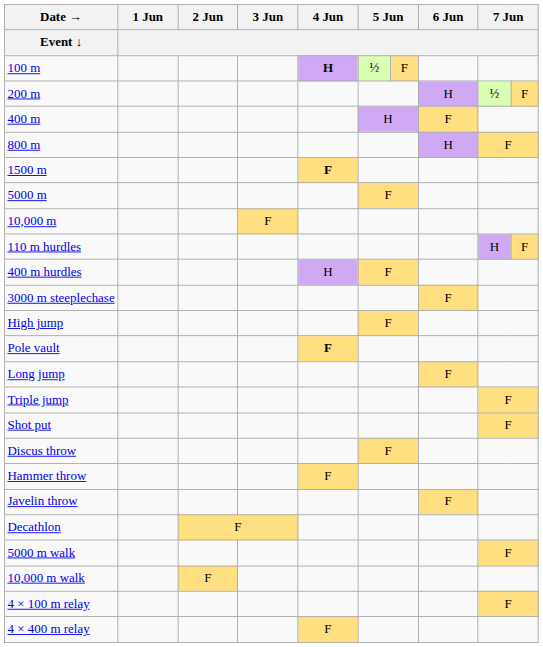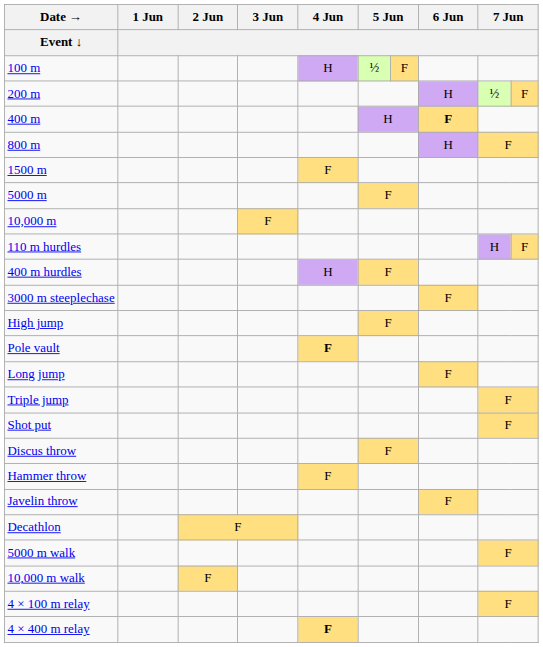 <table class="wikitable mw-datatable" style="font-size:90%; line-height:1.5em;">
 <tr align=center>
 <th>Date →</th>
 <th width=60px>1 Jun</th>
 <th width=60px>2 Jun</th>
 <th width=60px>3 Jun</th>
 <th width=60px>4 Jun</th>
 <th width=60px colspan=2>5 Jun</th>
 <th width=60px>6 Jun</th>
 <th width=60px colspan=2>7 Jun</th>
 </tr>
 <tr>
 <th>Event ↓</th>
 <th colspan=9></th>
 </tr>
 <tr align=center>
 <td align=left><a href='#'>100 m</a></td>
 <td></td>
 <td></td>
 <td></td>
-<td bgcolor="#D0A9F5"><strong>H</strong></td>
+<td bgcolor="#D0A9F5">H</td>
 <td bgcolor="#D9FFB2">½</td>
 <td bgcolor="#FFDF80">F</td>
 <td></td>
 <td colspan=2></td>
 </tr>
 <tr align=center>
 <td align=left><a href='#'>200 m</a></td>
 <td></td>
 <td></td>
 <td></td>
 <td></td>
 <td colspan=2></td>
 <td bgcolor="#D0A9F5">H</td>
 <td bgcolor="#D9FFB2">½</td>
 <td bgcolor="#FFDF80">F</td>
 </tr>
 <tr align=center>
 <td align=left><a href='#'>400 m</a></td>
 <td></td>
 <td></td>
 <td></td>
 <td></td>
 <td bgcolor="#D0A9F5" colspan=2>H</td>
-<td bgcolor="#FFDF80">F</td>
+<td bgcolor="#FFDF80"><strong>F</strong></td>
 <td colspan=2></td>
 </tr>
 <tr align=center>
 <td align=left><a href='#'>800 m</a></td>
 <td></td>
 <td></td>
 <td></td>
 <td></td>
 <td colspan=2></td>
 <td bgcolor="#D0A9F5">H</td>
 <td bgcolor="#FFDF80" colspan=2>F</td>
 </tr>
 <tr align=center>
 <td align=left><a href='#'>1500 m</a></td>
 <td></td>
 <td></td>
 <td></td>
-<td bgcolor="#FFDF80"><strong>F</strong></td>
+<td bgcolor="#FFDF80">F</td>
 <td colspan=2></td>
 <td></td>
 <td colspan=2></td>
 </tr>
 <tr align=center>
 <td align=left><a href='#'>5000 m</a></td>
 <td></td>
 <td></td>
 <td></td>
 <td></td>
 <td bgcolor="#FFDF80" colspan=2>F</td>
 <td></td>
 <td colspan=2></td>
 </tr>
 <tr align=center>
 <td align=left><a href='#'>10,000 m</a></td>
 <td></td>
 <td></td>
 <td bgcolor="#FFDF80">F</td>
 <td></td>
 <td colspan=2></td>
 <td></td>
 <td colspan=2></td>
 </tr>
 <tr align=center>
 <td align=left><a href='#'>110 m hurdles</a></td>
 <td></td>
 <td></td>
 <td></td>
 <td></td>
 <td colspan=2></td>
 <td></td>
 <td bgcolor="#D0A9F5">H</td>
 <td bgcolor="#FFDF80">F</td>
 </tr>
 <tr align=center>
 <td align=left><a href='#'>400 m hurdles</a></td>
 <td></td>
 <td></td>
 <td></td>
 <td bgcolor="#D0A9F5">H</td>
 <td bgcolor="#FFDF80" colspan=2>F</td>
 <td></td>
 <td colspan=2></td>
 </tr>
 <tr align=center>
 <td align=left><a href='#'>3000 m steeplechase</a></td>
 <td></td>
 <td></td>
 <td></td>
 <td></td>
 <td colspan=2></td>
 <td bgcolor="#FFDF80">F</td>
 <td colspan=2></td>
 </tr>
 <tr align=center>
 <td align=left><a href='#'>High jump</a></td>
 <td></td>
 <td></td>
 <td></td>
 <td></td>
 <td bgcolor="#FFDF80" colspan=2>F</td>
 <td></td>
 <td colspan=2></td>
 </tr>
 <tr align=center>
 <td align=left><a href='#'>Pole vault</a></td>
 <td></td>
 <td></td>
 <td></td>
 <td bgcolor="#FFDF80"><strong>F</strong></td>
 <td colspan=2></td>
 <td></td>
 <td colspan=2></td>
 </tr>
 <tr align=center>
 <td align=left><a href='#'>Long jump</a></td>
 <td></td>
 <td></td>
 <td></td>
 <td></td>
 <td colspan=2></td>
 <td bgcolor="#FFDF80">F</td>
 <td colspan=2></td>
 </tr>
 <tr align=center>
 <td align=left><a href='#'>Triple jump</a></td>
 <td></td>
 <td></td>
 <td></td>
 <td></td>
 <td colspan=2></td>
 <td></td>
 <td bgcolor="#FFDF80" colspan=2>F</td>
 </tr>
 <tr align=center>
 <td align=left><a href='#'>Shot put</a></td>
 <td></td>
 <td></td>
 <td></td>
 <td></td>
 <td colspan=2></td>
 <td></td>
 <td bgcolor="#FFDF80" colspan=2>F</td>
 </tr>
 <tr align=center>
 <td align=left><a href='#'>Discus throw</a></td>
 <td></td>
 <td></td>
 <td></td>
 <td></td>
 <td bgcolor="#FFDF80" colspan=2>F</td>
 <td></td>
 <td colspan=2></td>
 </tr>
 <tr align=center>
 <td align=left><a href='#'>Hammer throw</a></td>
 <td></td>
 <td></td>
 <td></td>
 <td bgcolor="#FFDF80">F</td>
 <td colspan=2></td>
 <td></td>
 <td colspan=2></td>
 </tr>
 <tr align=center>
 <td align=left><a href='#'>Javelin throw</a></td>
 <td></td>
 <td></td>
 <td></td>
 <td></td>
 <td colspan=2></td>
 <td bgcolor="#FFDF80">F</td>
 <td colspan=2></td>
 </tr>
 <tr align=center>
 <td align=left><a href='#'>Decathlon</a></td>
 <td></td>
 <td bgcolor="#FFDF80" colspan=2>F</td>
 <td></td>
 <td colspan=2></td>
 <td></td>
 <td colspan=2></td>
 </tr>
 <tr align=center>
 <td align=left><a href='#'>5000 m walk</a></td>
 <td></td>
 <td></td>
 <td></td>
 <td></td>
 <td colspan=2></td>
 <td></td>
 <td bgcolor="#FFDF80" colspan=2>F</td>
 </tr>
 <tr align=center>
 <td align=left><a href='#'>10,000 m walk</a></td>
 <td></td>
 <td bgcolor="#FFDF80">F</td>
 <td></td>
 <td></td>
 <td colspan=2></td>
 <td></td>
 <td colspan=2></td>
 </tr>
 <tr align=center>
 <td align=left><a href='#'>4 × 100 m relay</a></td>
 <td></td>
 <td></td>
 <td></td>
 <td></td>
 <td colspan=2></td>
 <td></td>
 <td bgcolor="#FFDF80" colspan=2>F</td>
 </tr>
 <tr align=center>
 <td align=left><a href='#'>4 × 400 m relay</a></td>
 <td></td>
 <td></td>
 <td></td>
-<td bgcolor="#FFDF80">F</td>
+<td bgcolor="#FFDF80"><strong>F</strong></td>
 <td colspan=2></td>
 <td></td>
 <td colspan=2></td>
 </tr>
 </table>
